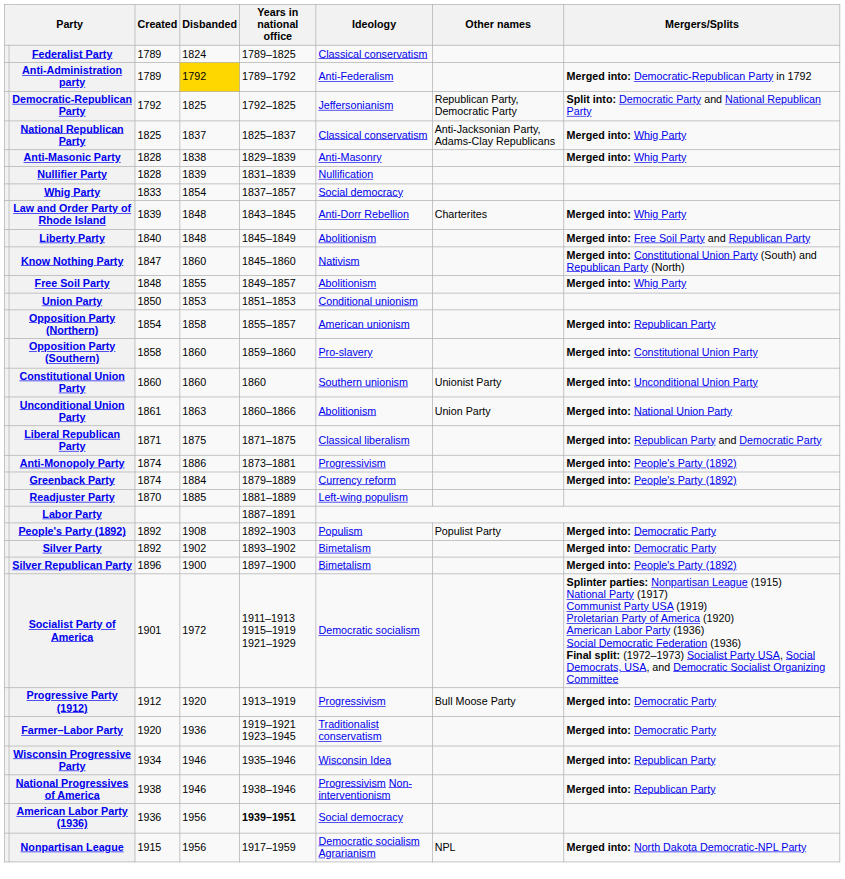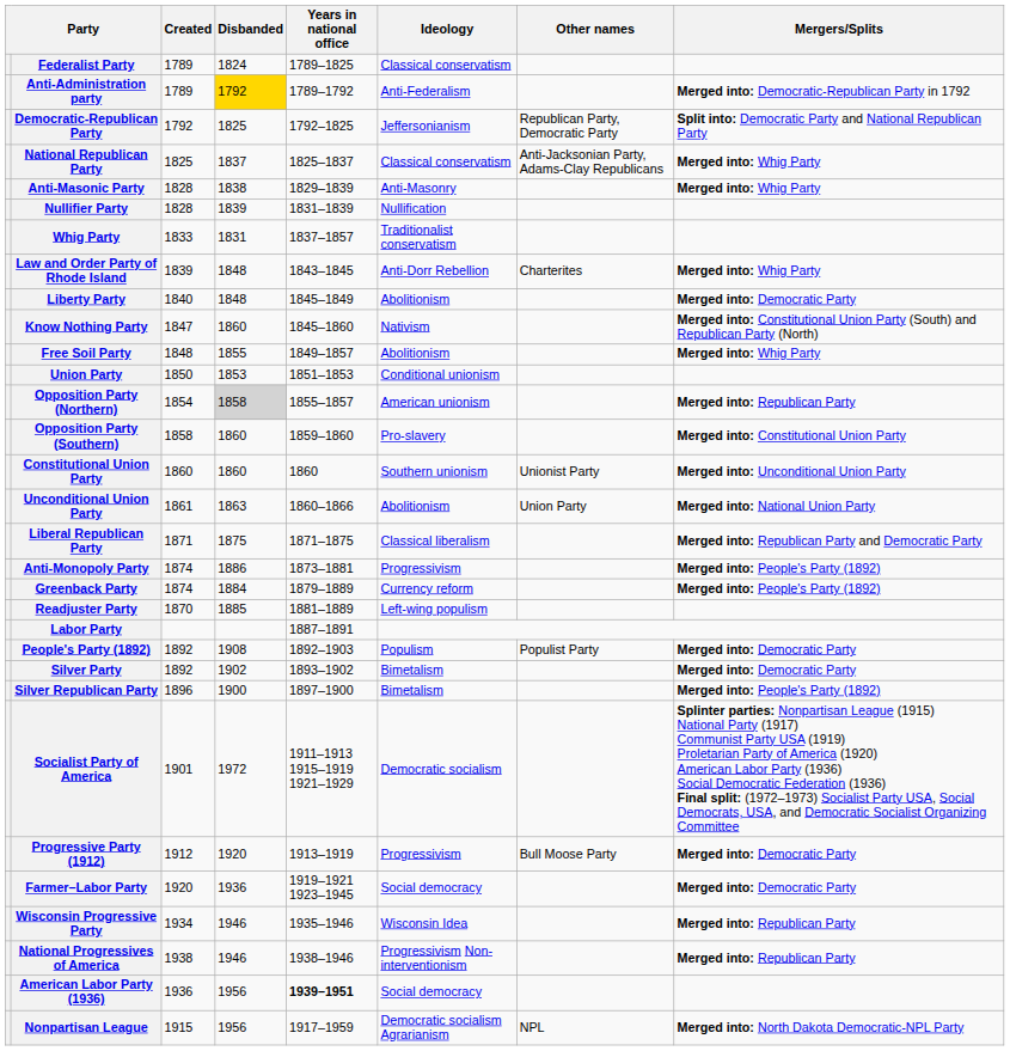 <table class="wikitable sortable plainrowheaders">
 <tr>
 <th scope="col" colspan="2">Party</th>
 <th scope="col">Created</th>
 <th scope="col">Disbanded</th>
 <th scope="col">Years in national office</th>
 <th scope="col">Ideology</th>
 <th scope="col">Other names</th>
 <th scope="col">Mergers/Splits</th>
 </tr>
 <tr>
 <th style="background-color:"></th>
 <th scope="row"><a href='#'>Federalist Party</a></th>
 <td>1789</td>
 <td>1824</td>
 <td>1789–1825</td>
 <td><a href='#'>Classical conservatism</a></td>
 <td></td>
 <td></td>
 </tr>
 <tr>
 <th style="background-color:"></th>
 <th scope="row"><a href='#'>Anti-Administration party</a></th>
 <td>1789</td>
 <td style="background: gold;">1792</td>
 <td>1789–1792</td>
 <td><a href='#'>Anti-Federalism</a></td>
 <td></td>
 <td><strong>Merged into:</strong> <a href='#'>Democratic-Republican Party</a> in 1792</td>
 </tr>
 <tr>
 <th style="background-color:"></th>
 <th scope="row"><a href='#'>Democratic-Republican Party</a></th>
 <td>1792</td>
 <td>1825</td>
 <td>1792–1825</td>
 <td><a href='#'>Jeffersonianism</a></td>
 <td>Republican Party, Democratic Party</td>
 <td><strong>Split into:</strong> <a href='#'>Democratic Party</a> and <a href='#'>National Republican Party</a></td>
 </tr>
 <tr>
 <th style="background-color:"></th>
 <th scope="row"><a href='#'>National Republican Party</a></th>
 <td>1825</td>
 <td>1837</td>
 <td>1825–1837</td>
 <td><a href='#'>Classical conservatism</a></td>
 <td>Anti-Jacksonian Party, Adams-Clay Republicans</td>
 <td><strong>Merged into:</strong> <a href='#'>Whig Party</a></td>
 </tr>
 <tr>
 <th style="background-color:"></th>
 <th scope="row"><a href='#'>Anti-Masonic Party</a></th>
 <td>1828</td>
 <td>1838</td>
 <td>1829–1839</td>
 <td><a href='#'>Anti-Masonry</a></td>
 <td></td>
 <td><strong>Merged into:</strong> <a href='#'>Whig Party</a></td>
 </tr>
 <tr>
 <th style="background-color:"></th>
 <th scope="row"><a href='#'>Nullifier Party</a></th>
 <td>1828</td>
 <td>1839</td>
 <td>1831–1839</td>
 <td><a href='#'>Nullification</a></td>
 <td></td>
 <td></td>
 </tr>
 <tr>
 <th style="background-color:"></th>
 <th scope="row"><a href='#'>Whig Party</a></th>
 <td>1833</td>
-<td>1854</td>
+<td>1831</td>
 <td>1837–1857</td>
-<td><a href='#'>Social democracy</a></td>
+<td><a href='#'>Traditionalist conservatism</a></td>
 <td></td>
 <td></td>
 </tr>
 <tr>
 <th style="background-color:"></th>
 <th scope="row"><a href='#'>Law and Order Party of Rhode Island</a></th>
 <td>1839</td>
 <td>1848</td>
 <td>1843–1845</td>
 <td><a href='#'>Anti-Dorr Rebellion</a></td>
 <td>Charterites</td>
 <td><strong>Merged into:</strong> <a href='#'>Whig Party</a></td>
 </tr>
 <tr>
 <th style="background-color:"></th>
 <th scope="row"><a href='#'>Liberty Party</a></th>
 <td>1840</td>
 <td>1848</td>
 <td>1845–1849</td>
 <td><a href='#'>Abolitionism</a></td>
 <td></td>
-<td><strong>Merged into:</strong> <a href='#'>Free Soil Party</a> and <a href='#'>Republican Party</a></td>
+<td><strong>Merged into:</strong> <a href='#'>Democratic Party</a></td>
 </tr>
 <tr>
 <th style="background-color:"></th>
 <th scope="row"><a href='#'>Know Nothing Party</a></th>
 <td>1847</td>
 <td>1860</td>
 <td>1845–1860</td>
 <td><a href='#'>Nativism</a></td>
 <td></td>
 <td><strong>Merged into:</strong> <a href='#'>Constitutional Union Party</a> (South) and <a href='#'>Republican Party</a> (North)</td>
 </tr>
 <tr>
 <th style="background-color:"></th>
 <th scope="row"><a href='#'>Free Soil Party</a></th>
 <td>1848</td>
 <td>1855</td>
 <td>1849–1857</td>
 <td><a href='#'>Abolitionism</a></td>
 <td></td>
 <td><strong>Merged into:</strong> <a href='#'>Whig Party</a></td>
 </tr>
 <tr>
 <th style="background-color:"></th>
 <th scope="row"><a href='#'>Union Party</a></th>
 <td>1850</td>
 <td>1853</td>
 <td>1851–1853</td>
 <td><a href='#'>Conditional unionism</a></td>
 <td></td>
 <td></td>
 </tr>
 <tr>
 <th style="background-color:"></th>
 <th scope="row"><a href='#'>Opposition Party (Northern)</a></th>
 <td>1854</td>
-<td>1858</td>
+<td style="background: lightgrey;">1858</td>
 <td>1855–1857</td>
 <td><a href='#'>American unionism</a></td>
 <td></td>
 <td><strong>Merged into:</strong> <a href='#'>Republican Party</a></td>
 </tr>
 <tr>
 <th style="background-color:"></th>
 <th scope="row"><a href='#'>Opposition Party (Southern)</a></th>
 <td>1858</td>
 <td>1860</td>
 <td>1859–1860</td>
 <td><a href='#'>Pro-slavery</a></td>
 <td></td>
 <td><strong>Merged into:</strong> <a href='#'>Constitutional Union Party</a></td>
 </tr>
 <tr>
 <th style="background-color:"></th>
 <th scope="row"><a href='#'>Constitutional Union Party</a></th>
 <td>1860</td>
 <td>1860</td>
 <td>1860</td>
 <td><a href='#'>Southern unionism</a></td>
 <td>Unionist Party</td>
 <td><strong>Merged into:</strong> <a href='#'>Unconditional Union Party</a></td>
 </tr>
 <tr>
 <th style="background-color:"></th>
 <th scope="row"><a href='#'>Unconditional Union Party</a></th>
 <td>1861</td>
 <td>1863</td>
 <td>1860–1866</td>
 <td><a href='#'>Abolitionism</a></td>
 <td>Union Party</td>
 <td><strong>Merged into:</strong> <a href='#'>National Union Party</a></td>
 </tr>
 <tr>
 <th style="background-color:"></th>
 <th scope="row"><a href='#'>Liberal Republican Party</a></th>
 <td>1871</td>
 <td>1875</td>
 <td>1871–1875</td>
 <td><a href='#'>Classical liberalism</a></td>
 <td></td>
 <td><strong>Merged into:</strong> <a href='#'>Republican Party</a> and <a href='#'>Democratic Party</a></td>
 </tr>
 <tr>
 <th style="background-color:"></th>
 <th scope="row"><a href='#'>Anti-Monopoly Party</a></th>
 <td>1874</td>
 <td>1886</td>
 <td>1873–1881</td>
 <td><a href='#'>Progressivism</a></td>
 <td></td>
 <td><strong>Merged into:</strong> <a href='#'>People's Party (1892)</a></td>
 </tr>
 <tr>
 <th style="background-color:"></th>
 <th scope="row"><a href='#'>Greenback Party</a></th>
 <td>1874</td>
 <td>1884</td>
 <td>1879–1889</td>
 <td><a href='#'>Currency reform</a></td>
 <td></td>
 <td><strong>Merged into:</strong> <a href='#'>People's Party (1892)</a></td>
 </tr>
 <tr>
 <th style="background-color:"></th>
 <th scope="row"><a href='#'>Readjuster Party</a></th>
 <td>1870</td>
 <td>1885</td>
 <td>1881–1889</td>
 <td><a href='#'>Left-wing populism</a></td>
 <td></td>
 <td></td>
 </tr>
 <tr>
 <th style="background-color:"></th>
 <th scope="row"><a href='#'>Labor Party</a></th>
 <td></td>
 <td></td>
 <td>1887–1891</td>
 </tr>
 <tr>
 <th style="background-color:"></th>
 <th scope="row"><a href='#'>People's Party (1892)</a></th>
 <td>1892</td>
 <td>1908</td>
 <td>1892–1903</td>
 <td><a href='#'>Populism</a></td>
 <td>Populist Party</td>
 <td><strong>Merged into:</strong> <a href='#'>Democratic Party</a></td>
 </tr>
 <tr>
 <th style="background-color:"></th>
 <th scope="row"><a href='#'>Silver Party</a></th>
 <td>1892</td>
 <td>1902</td>
 <td>1893–1902</td>
 <td><a href='#'>Bimetalism</a></td>
 <td></td>
 <td><strong>Merged into:</strong> <a href='#'>Democratic Party</a></td>
 </tr>
 <tr>
 <th style="background-color:"></th>
 <th scope="row"><a href='#'>Silver Republican Party</a></th>
 <td>1896</td>
 <td>1900</td>
 <td>1897–1900</td>
 <td><a href='#'>Bimetalism</a></td>
 <td></td>
 <td><strong>Merged into:</strong> <a href='#'>People's Party (1892)</a></td>
 </tr>
 <tr>
 <th style="background-color:"></th>
 <th scope="row"><a href='#'>Socialist Party of America</a></th>
 <td>1901</td>
 <td>1972</td>
 <td>1911–1913<br>1915–1919<br>1921–1929</td>
 <td><a href='#'>Democratic socialism</a></td>
 <td></td>
 <td><strong>Splinter parties:</strong> <a href='#'>Nonpartisan League</a> (1915)<br><a href='#'>National Party</a> (1917)<br><a href='#'>Communist Party USA</a> (1919)<br><a href='#'>Proletarian Party of America</a> (1920)<br><a href='#'>American Labor Party</a> (1936)<br><a href='#'>Social Democratic Federation</a> (1936)<br><strong>Final split:</strong> (1972–1973) <a href='#'>Socialist Party USA</a>, <a href='#'>Social Democrats, USA</a>, and <a href='#'>Democratic Socialist Organizing Committee</a></td>
 </tr>
 <tr>
 <th style="background-color:"></th>
 <th scope="row"><a href='#'>Progressive Party (1912)</a></th>
 <td>1912</td>
 <td>1920</td>
 <td>1913–1919</td>
 <td><a href='#'>Progressivism</a></td>
 <td>Bull Moose Party</td>
 <td><strong>Merged into:</strong> <a href='#'>Democratic Party</a></td>
 </tr>
 <tr>
 <th style="background-color:"></th>
 <th scope="row"><a href='#'>Farmer–Labor Party</a></th>
 <td>1920</td>
 <td>1936</td>
 <td>1919–1921<br>1923–1945</td>
-<td><a href='#'>Traditionalist conservatism</a></td>
+<td><a href='#'>Social democracy</a></td>
 <td></td>
 <td><strong>Merged into:</strong> <a href='#'>Democratic Party</a></td>
 </tr>
 <tr>
 <th style="background-color:"></th>
 <th scope="row"><a href='#'>Wisconsin Progressive Party</a></th>
 <td>1934</td>
 <td>1946</td>
 <td>1935–1946</td>
 <td><a href='#'>Wisconsin Idea</a></td>
 <td></td>
 <td><strong>Merged into:</strong> <a href='#'>Republican Party</a></td>
 </tr>
 <tr>
 <th style="background-color:"></th>
 <th scope="row"><a href='#'>National Progressives of America</a></th>
 <td>1938</td>
 <td>1946</td>
 <td>1938–1946</td>
 <td><a href='#'>Progressivism</a> <a href='#'>Non-interventionism</a></td>
 <td></td>
 <td><strong>Merged into:</strong> <a href='#'>Republican Party</a></td>
 </tr>
 <tr>
 <th style="background-color:"></th>
 <th scope="row"><a href='#'>American Labor Party (1936)</a></th>
 <td>1936</td>
 <td>1956</td>
 <td><strong>1939–1951</strong></td>
 <td><a href='#'>Social democracy</a></td>
 <td></td>
 <td></td>
 </tr>
 <tr>
 <th style="background-color:"></th>
 <th scope="row"><a href='#'>Nonpartisan League</a></th>
 <td>1915</td>
 <td>1956</td>
 <td>1917–1959</td>
 <td><a href='#'>Democratic socialism</a> <a href='#'>Agrarianism</a></td>
 <td>NPL</td>
 <td><strong>Merged into:</strong> <a href='#'>North Dakota Democratic-NPL Party</a></td>
 </tr>
 </table>
